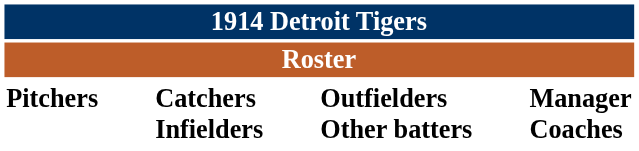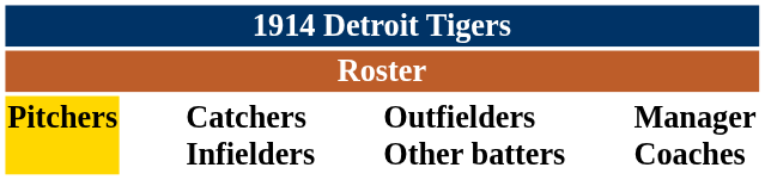 <table class="toccolours" style="font-size: 95%;">
 <tr>
 <th colspan="10" style="background-color: #003366; color: white; text-align: center;">1914 Detroit Tigers</th>
 </tr>
 <tr>
 <td colspan="10" style="background-color: #bd5d29; color: white; text-align: center;"><strong>Roster</strong></td>
 </tr>
 <tr>
-<td valign="top"><strong>Pitchers</strong><br>           </td>
+<td valign="top" style="background: gold;"><strong>Pitchers</strong><br>           </td>
 <td width="25px"></td>
 <td valign="top"><strong>Catchers</strong><br>   <strong>Infielders</strong>         </td>
 <td width="25px"></td>
 <td valign="top"><strong>Outfielders</strong><br>     <strong>Other batters</strong> </td>
 <td width="25px"></td>
 <td valign="top"><strong>Manager</strong><br> <strong>Coaches</strong>  </td>
 </tr>
 </table>
